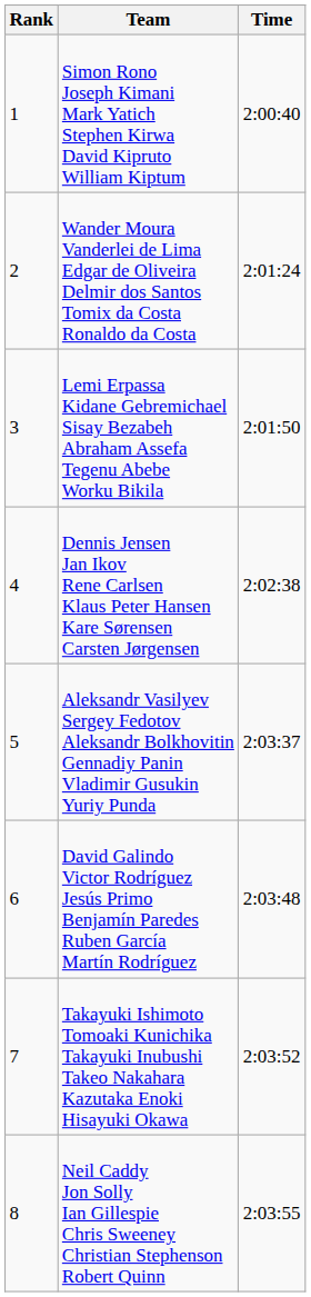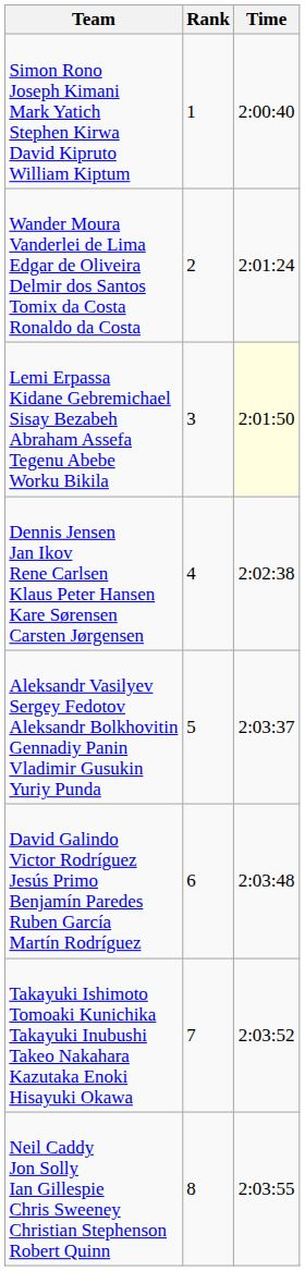 <table class=wikitable>
 <tr>
+<th>Team</th>
 <th>Rank</th>
-<th>Team</th>
 <th>Time</th>
 </tr>
 <tr>
+<td><br><a href='#'>Simon Rono</a><br><a href='#'>Joseph Kimani</a><br><a href='#'>Mark Yatich</a><br><a href='#'>Stephen Kirwa</a><br><a href='#'>David Kipruto</a><br><a href='#'>William Kiptum</a></td>
 <td>1</td>
-<td><br><a href='#'>Simon Rono</a><br><a href='#'>Joseph Kimani</a><br><a href='#'>Mark Yatich</a><br><a href='#'>Stephen Kirwa</a><br><a href='#'>David Kipruto</a><br><a href='#'>William Kiptum</a></td>
 <td>2:00:40</td>
 </tr>
 <tr>
+<td><br><a href='#'>Wander Moura</a><br><a href='#'>Vanderlei de Lima</a><br><a href='#'>Edgar de Oliveira</a><br><a href='#'>Delmir dos Santos</a><br><a href='#'>Tomix da Costa</a><br><a href='#'>Ronaldo da Costa</a></td>
 <td>2</td>
-<td><br><a href='#'>Wander Moura</a><br><a href='#'>Vanderlei de Lima</a><br><a href='#'>Edgar de Oliveira</a><br><a href='#'>Delmir dos Santos</a><br><a href='#'>Tomix da Costa</a><br><a href='#'>Ronaldo da Costa</a></td>
 <td>2:01:24</td>
 </tr>
 <tr>
+<td><br><a href='#'>Lemi Erpassa</a><br><a href='#'>Kidane Gebremichael</a><br><a href='#'>Sisay Bezabeh</a><br><a href='#'>Abraham Assefa</a><br><a href='#'>Tegenu Abebe</a><br><a href='#'>Worku Bikila</a></td>
 <td>3</td>
-<td><br><a href='#'>Lemi Erpassa</a><br><a href='#'>Kidane Gebremichael</a><br><a href='#'>Sisay Bezabeh</a><br><a href='#'>Abraham Assefa</a><br><a href='#'>Tegenu Abebe</a><br><a href='#'>Worku Bikila</a></td>
-<td>2:01:50</td>
+<td style="background: lightyellow;">2:01:50</td>
 </tr>
 <tr>
+<td><br><a href='#'>Dennis Jensen</a><br><a href='#'>Jan Ikov</a><br><a href='#'>Rene Carlsen</a><br><a href='#'>Klaus Peter Hansen</a><br><a href='#'>Kare Sørensen</a><br><a href='#'>Carsten Jørgensen</a></td>
 <td>4</td>
-<td><br><a href='#'>Dennis Jensen</a><br><a href='#'>Jan Ikov</a><br><a href='#'>Rene Carlsen</a><br><a href='#'>Klaus Peter Hansen</a><br><a href='#'>Kare Sørensen</a><br><a href='#'>Carsten Jørgensen</a></td>
 <td>2:02:38</td>
 </tr>
 <tr>
+<td><br><a href='#'>Aleksandr Vasilyev</a><br><a href='#'>Sergey Fedotov</a><br><a href='#'>Aleksandr Bolkhovitin</a><br><a href='#'>Gennadiy Panin</a><br><a href='#'>Vladimir Gusukin</a><br><a href='#'>Yuriy Punda</a></td>
 <td>5</td>
-<td><br><a href='#'>Aleksandr Vasilyev</a><br><a href='#'>Sergey Fedotov</a><br><a href='#'>Aleksandr Bolkhovitin</a><br><a href='#'>Gennadiy Panin</a><br><a href='#'>Vladimir Gusukin</a><br><a href='#'>Yuriy Punda</a></td>
 <td>2:03:37</td>
 </tr>
 <tr>
+<td><br><a href='#'>David Galindo</a><br><a href='#'>Victor Rodríguez</a><br><a href='#'>Jesús Primo</a><br><a href='#'>Benjamín Paredes</a><br><a href='#'>Ruben García</a><br><a href='#'>Martín Rodríguez</a></td>
 <td>6</td>
-<td><br><a href='#'>David Galindo</a><br><a href='#'>Victor Rodríguez</a><br><a href='#'>Jesús Primo</a><br><a href='#'>Benjamín Paredes</a><br><a href='#'>Ruben García</a><br><a href='#'>Martín Rodríguez</a></td>
 <td>2:03:48</td>
 </tr>
 <tr>
+<td><br><a href='#'>Takayuki Ishimoto</a><br><a href='#'>Tomoaki Kunichika</a><br><a href='#'>Takayuki Inubushi</a><br><a href='#'>Takeo Nakahara</a><br><a href='#'>Kazutaka Enoki</a><br><a href='#'>Hisayuki Okawa</a></td>
 <td>7</td>
-<td><br><a href='#'>Takayuki Ishimoto</a><br><a href='#'>Tomoaki Kunichika</a><br><a href='#'>Takayuki Inubushi</a><br><a href='#'>Takeo Nakahara</a><br><a href='#'>Kazutaka Enoki</a><br><a href='#'>Hisayuki Okawa</a></td>
 <td>2:03:52</td>
 </tr>
 <tr>
+<td><br><a href='#'>Neil Caddy</a><br><a href='#'>Jon Solly</a><br><a href='#'>Ian Gillespie</a><br><a href='#'>Chris Sweeney</a><br><a href='#'>Christian Stephenson</a><br><a href='#'>Robert Quinn</a></td>
 <td>8</td>
-<td><br><a href='#'>Neil Caddy</a><br><a href='#'>Jon Solly</a><br><a href='#'>Ian Gillespie</a><br><a href='#'>Chris Sweeney</a><br><a href='#'>Christian Stephenson</a><br><a href='#'>Robert Quinn</a></td>
 <td>2:03:55</td>
 </tr>
 </table>
